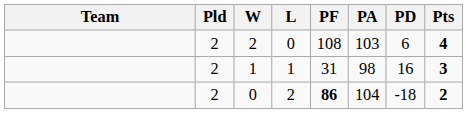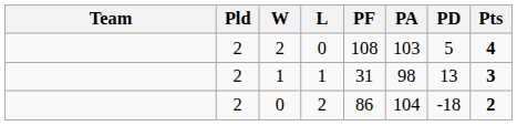 <table class=wikitable style="text-align:center">
 <tr>
 <th width=180>Team</th>
 <th width=30>Pld</th>
 <th width=30>W</th>
 <th width=30>L</th>
 <th width=30>PF</th>
 <th width=30>PA</th>
 <th width=30>PD</th>
 <th width=30>Pts</th>
 </tr>
 <tr>
 <td align="left"></td>
 <td>2</td>
 <td>2</td>
 <td>0</td>
 <td>108</td>
 <td>103</td>
-<td>6</td>
+<td>5</td>
 <td><strong>4</strong></td>
 </tr>
 <tr>
 <td align="left"></td>
 <td>2</td>
 <td>1</td>
 <td>1</td>
 <td>31</td>
 <td>98</td>
-<td>16</td>
+<td>13</td>
 <td><strong>3</strong></td>
 </tr>
 <tr>
 <td align="left"></td>
 <td>2</td>
 <td>0</td>
 <td>2</td>
-<td><strong>86</strong></td>
+<td>86</td>
 <td>104</td>
 <td>-18</td>
 <td><strong>2</strong></td>
 </tr>
 </table>
